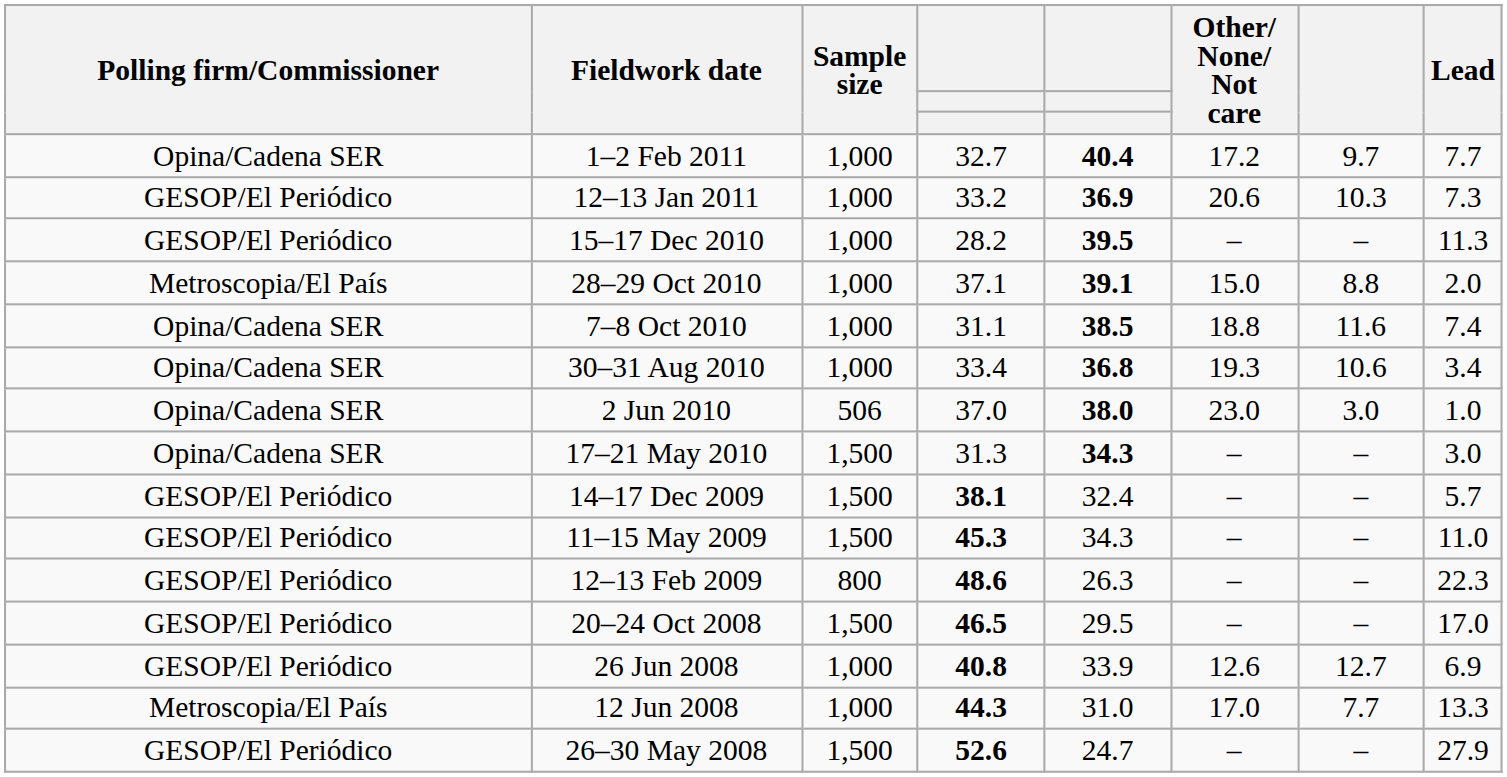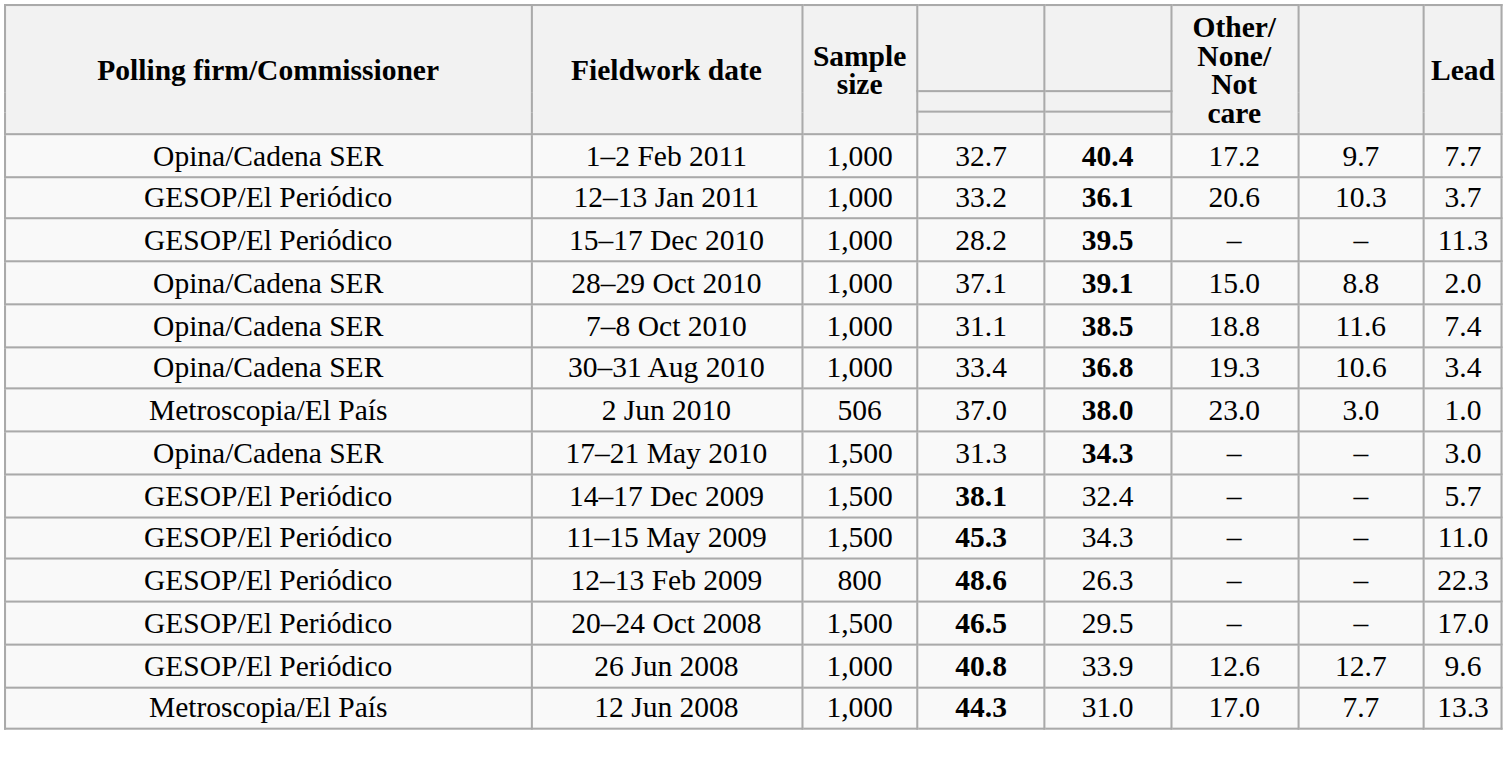 <table class="wikitable collapsible collapsed" style="text-align:center; font-size:90%; line-height:14px;">
 <tr style="height:42px;">
 <th style="width:250px;" rowspan="3">Polling firm/Commissioner</th>
 <th style="width:125px;" rowspan="3">Fieldwork date</th>
 <th style="width:50px;" rowspan="3">Sample size</th>
 <th style="width:55px;"></th>
 <th style="width:55px;"></th>
 <th style="width:55px;" rowspan="3">Other/<br>None/<br>Not<br>care</th>
 <th style="width:55px;" rowspan="3"></th>
 <th style="width:30px;" rowspan="3">Lead</th>
 </tr>
 <tr>
 <th style="color:inherit;background:"></th>
 <th style="color:inherit;background:"></th>
 </tr>
 <tr>
 <th></th>
 <th></th>
 </tr>
 <tr>
 <td>Opina/Cadena SER</td>
 <td>1–2 Feb 2011</td>
 <td>1,000</td>
 <td>32.7</td>
 <td><strong>40.4</strong></td>
 <td>17.2</td>
 <td>9.7</td>
 <td style="background:">7.7</td>
 </tr>
 <tr>
 <td>GESOP/El Periódico</td>
 <td>12–13 Jan 2011</td>
 <td>1,000</td>
 <td>33.2</td>
-<td><strong>36.9</strong></td>
+<td><strong>36.1</strong></td>
 <td>20.6</td>
 <td>10.3</td>
-<td style="background:">7.3</td>
+<td style="background:">3.7</td>
 </tr>
 <tr>
 <td>GESOP/El Periódico</td>
 <td>15–17 Dec 2010</td>
 <td>1,000</td>
 <td>28.2</td>
 <td><strong>39.5</strong></td>
 <td>–</td>
 <td>–</td>
 <td style="background:">11.3</td>
 </tr>
 <tr>
-<td>Metroscopia/El País</td>
+<td>Opina/Cadena SER</td>
 <td>28–29 Oct 2010</td>
 <td>1,000</td>
 <td>37.1</td>
 <td><strong>39.1</strong></td>
 <td>15.0</td>
 <td>8.8</td>
 <td style="background:">2.0</td>
 </tr>
 <tr>
 <td>Opina/Cadena SER</td>
 <td>7–8 Oct 2010</td>
 <td>1,000</td>
 <td>31.1</td>
 <td><strong>38.5</strong></td>
 <td>18.8</td>
 <td>11.6</td>
 <td style="background:">7.4</td>
 </tr>
 <tr>
 <td>Opina/Cadena SER</td>
 <td>30–31 Aug 2010</td>
 <td>1,000</td>
 <td>33.4</td>
 <td><strong>36.8</strong></td>
 <td>19.3</td>
 <td>10.6</td>
 <td style="background:">3.4</td>
 </tr>
 <tr>
-<td>Opina/Cadena SER</td>
+<td>Metroscopia/El País</td>
 <td>2 Jun 2010</td>
 <td>506</td>
 <td>37.0</td>
 <td><strong>38.0</strong></td>
 <td>23.0</td>
 <td>3.0</td>
 <td style="background:">1.0</td>
 </tr>
 <tr>
 <td>Opina/Cadena SER</td>
 <td>17–21 May 2010</td>
 <td>1,500</td>
 <td>31.3</td>
 <td><strong>34.3</strong></td>
 <td>–</td>
 <td>–</td>
 <td style="background:">3.0</td>
 </tr>
 <tr>
 <td>GESOP/El Periódico</td>
 <td>14–17 Dec 2009</td>
 <td>1,500</td>
 <td><strong>38.1</strong></td>
 <td>32.4</td>
 <td>–</td>
 <td>–</td>
 <td style="background:">5.7</td>
 </tr>
 <tr>
 <td>GESOP/El Periódico</td>
 <td>11–15 May 2009</td>
 <td>1,500</td>
 <td><strong>45.3</strong></td>
 <td>34.3</td>
 <td>–</td>
 <td>–</td>
 <td style="background:">11.0</td>
 </tr>
 <tr>
 <td>GESOP/El Periódico</td>
 <td>12–13 Feb 2009</td>
 <td>800</td>
 <td><strong>48.6</strong></td>
 <td>26.3</td>
 <td>–</td>
 <td>–</td>
 <td style="background:">22.3</td>
 </tr>
 <tr>
 <td>GESOP/El Periódico</td>
 <td>20–24 Oct 2008</td>
 <td>1,500</td>
 <td><strong>46.5</strong></td>
 <td>29.5</td>
 <td>–</td>
 <td>–</td>
 <td style="background:">17.0</td>
 </tr>
 <tr>
 <td>GESOP/El Periódico</td>
 <td>26 Jun 2008</td>
 <td>1,000</td>
 <td><strong>40.8</strong></td>
 <td>33.9</td>
 <td>12.6</td>
 <td>12.7</td>
-<td style="background:">6.9</td>
+<td style="background:">9.6</td>
 </tr>
 <tr>
 <td>Metroscopia/El País</td>
 <td>12 Jun 2008</td>
 <td>1,000</td>
 <td><strong>44.3</strong></td>
 <td>31.0</td>
 <td>17.0</td>
 <td>7.7</td>
 <td style="background:">13.3</td>
 </tr>
-<tr>
-<td>GESOP/El Periódico</td>
-<td>26–30 May 2008</td>
-<td>1,500</td>
-<td><strong>52.6</strong></td>
-<td>24.7</td>
-<td>–</td>
-<td>–</td>
-<td style="background:">27.9</td>
-</tr>
 </table>
